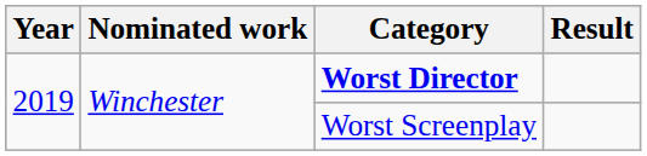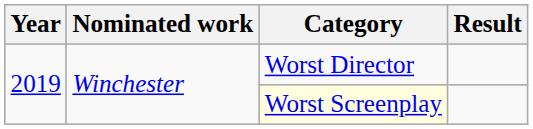 <table class="wikitable">
 <tr>
 <th>Year</th>
 <th>Nominated work</th>
 <th>Category</th>
 <th>Result</th>
 </tr>
 <tr>
 <td rowspan="2"><a href='#'>2019</a></td>
 <td rowspan="2"><em><a href='#'>Winchester</a></em></td>
-<td><strong><a href='#'>Worst Director</a></strong></td>
+<td><a href='#'>Worst Director</a></td>
 <td></td>
 </tr>
 <tr>
-<td><a href='#'>Worst Screenplay</a></td>
+<td style="background: lightyellow;"><a href='#'>Worst Screenplay</a></td>
 <td></td>
 </tr>
 </table>
